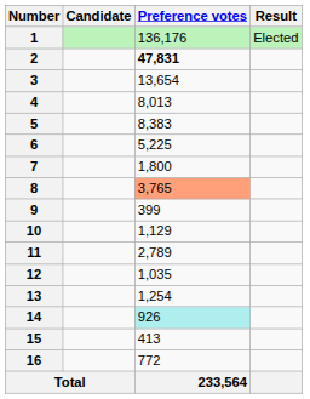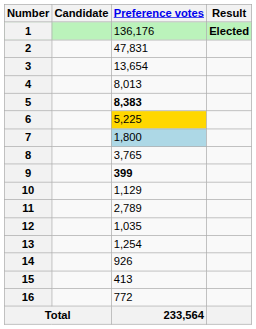 <table class="wikitable sortable" >
 <tr>
 <th scope="col">Number</th>
 <th scope="col">Candidate</th>
 <th scope="col"><a href='#'>Preference votes</a></th>
 <th scope="col">Result</th>
 </tr>
 <tr bgcolor=bbf3bb>
 <th scope="row">1</th>
 <td style="text-align:left"></td>
 <td>136,176</td>
-<td>Elected</td>
+<td><strong>Elected</strong></td>
 </tr>
 <tr>
 <th scope="row">2</th>
 <td style="text-align:left"></td>
-<td><strong>47,831</strong></td>
+<td>47,831</td>
 <td></td>
 </tr>
 <tr>
 <th scope="row">3</th>
 <td style="text-align:left"></td>
 <td>13,654</td>
 <td></td>
 </tr>
 <tr>
 <th scope="row">4</th>
 <td style="text-align:left"></td>
 <td>8,013</td>
 <td></td>
 </tr>
 <tr>
 <th scope="row">5</th>
 <td style="text-align:left"></td>
-<td>8,383</td>
+<td><strong>8,383</strong></td>
 <td></td>
 </tr>
 <tr>
 <th scope="row">6</th>
 <td style="text-align:left"></td>
-<td>5,225</td>
+<td style="background: gold;">5,225</td>
 <td></td>
 </tr>
 <tr>
 <th scope="row">7</th>
 <td style="text-align:left"></td>
-<td>1,800</td>
+<td style="background: lightblue;">1,800</td>
 <td></td>
 </tr>
 <tr>
 <th scope="row">8</th>
 <td style="text-align:left"></td>
-<td style="background: lightsalmon;">3,765</td>
+<td>3,765</td>
 <td></td>
 </tr>
 <tr>
 <th scope="row">9</th>
 <td style="text-align:left"></td>
-<td>399</td>
+<td><strong>399</strong></td>
 <td></td>
 </tr>
 <tr>
 <th scope="row">10</th>
 <td style="text-align:left"></td>
 <td>1,129</td>
 <td></td>
 </tr>
 <tr>
 <th scope="row">11</th>
 <td style="text-align:left"></td>
 <td>2,789</td>
 <td></td>
 </tr>
 <tr>
 <th scope="row">12</th>
 <td style="text-align:left"></td>
 <td>1,035</td>
 <td></td>
 </tr>
 <tr>
 <th scope="row">13</th>
 <td style="text-align:left"></td>
 <td>1,254</td>
 <td></td>
 </tr>
 <tr>
 <th scope="row">14</th>
 <td style="text-align:left"></td>
-<td style="background: paleturquoise;">926</td>
+<td>926</td>
 <td></td>
 </tr>
 <tr>
 <th scope="row">15</th>
 <td style="text-align:left"></td>
 <td>413</td>
 <td></td>
 </tr>
 <tr>
 <th scope="row">16</th>
 <td style="text-align:left"></td>
 <td>772</td>
 <td></td>
 </tr>
 <tr class="sortbottom">
 <th scope="row"  colspan="2">Total</th>
 <th style="text-align:right">233,564</th>
 <th></th>
 </tr>
 </table>
